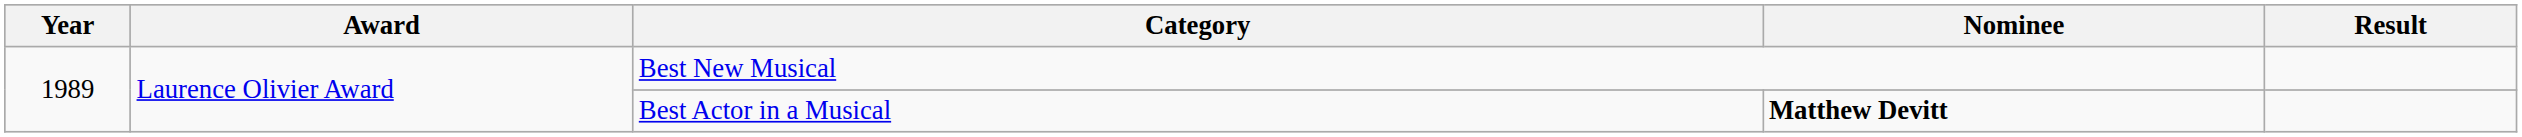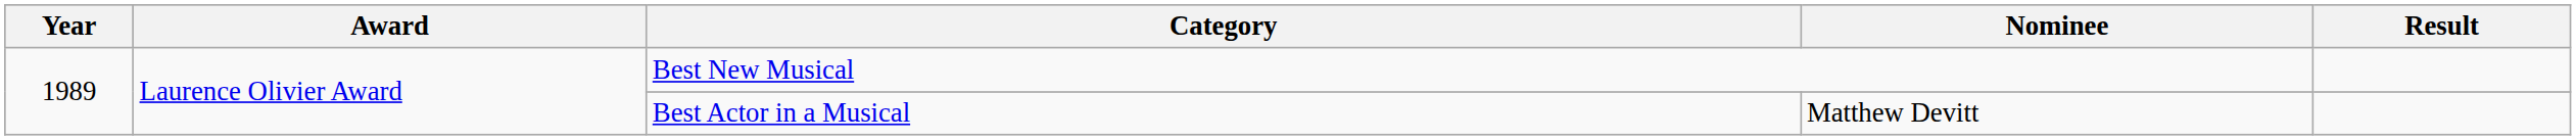 <table class="wikitable" width="95%">
 <tr>
 <th width="5%">Year</th>
 <th width="20%">Award</th>
 <th width="45%">Category</th>
 <th width="20%">Nominee</th>
 <th width="10%">Result</th>
 </tr>
 <tr>
 <td rowspan="2" align="center">1989</td>
 <td rowspan="2"><a href='#'>Laurence Olivier Award</a></td>
 <td colspan="2"><a href='#'>Best New Musical</a></td>
 <td></td>
 </tr>
 <tr>
 <td><a href='#'>Best Actor in a Musical</a></td>
-<td><strong>Matthew Devitt</strong></td>
+<td>Matthew Devitt</td>
 <td></td>
 </tr>
 </table>
